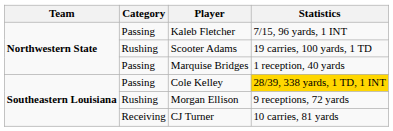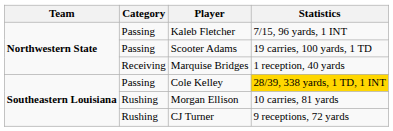 <table class="wikitable" style="float: left;">
 <tr>
 <th>Team</th>
 <th>Category</th>
 <th>Player</th>
 <th>Statistics</th>
 </tr>
 <tr>
 <td rowspan=3><strong>Northwestern State</strong></td>
 <td>Passing</td>
 <td>Kaleb Fletcher</td>
 <td>7/15, 96 yards, 1 INT</td>
 </tr>
 <tr>
-<td>Rushing</td>
+<td>Passing</td>
 <td>Scooter Adams</td>
 <td>19 carries, 100 yards, 1 TD</td>
 </tr>
 <tr>
-<td>Passing</td>
+<td>Receiving</td>
 <td>Marquise Bridges</td>
 <td>1 reception, 40 yards</td>
 </tr>
 <tr>
 <td rowspan=3><strong>Southeastern Louisiana</strong></td>
 <td>Passing</td>
 <td>Cole Kelley</td>
 <td style="background: gold;">28/39, 338 yards, 1 TD, 1 INT</td>
 </tr>
 <tr>
 <td>Rushing</td>
 <td>Morgan Ellison</td>
+<td>10 carries, 81 yards</td>
+</tr>
+<tr>
+<td>Rushing</td>
+<td>CJ Turner</td>
 <td>9 receptions, 72 yards</td>
 </tr>
-<tr>
-<td>Receiving</td>
-<td>CJ Turner</td>
-<td>10 carries, 81 yards</td>
-</tr>
 </table>
